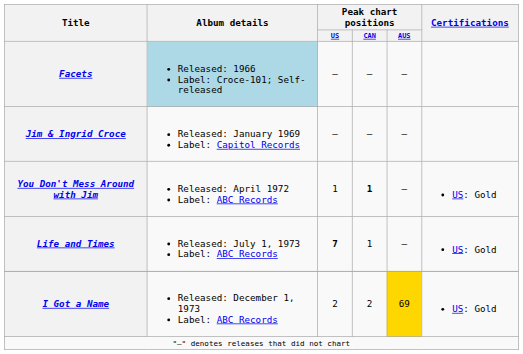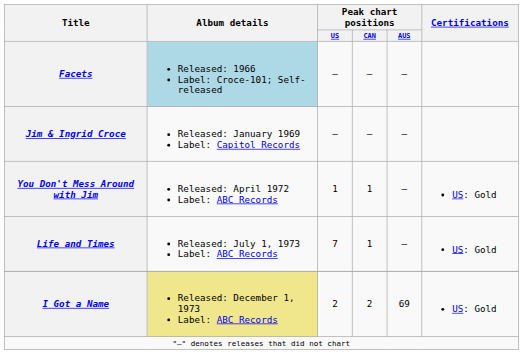 <table class="wikitable plainrowheaders" style="text-align:center;">
 <tr>
 <th scope="col" rowspan="2" style="width:15em;">Title</th>
 <th scope="col" rowspan="2" style="width:18em;">Album details</th>
 <th colspan="3" scope="col">Peak chart positions</th>
 <th scope="col" rowspan="2" style="width:10em;"><a href='#'>Certifications</a></th>
 </tr>
 <tr>
 <th scope="col" style="width:4.5em;font-size:75%;"><a href='#'>US</a><br></th>
 <th scope="col" style="width:4.5em;font-size:75%;"><a href='#'>CAN</a><br></th>
 <th scope="col" style="width:4.5em;font-size:75%;"><a href='#'>AUS</a><br></th>
 </tr>
 <tr>
 <th scope="row"><em><a href='#'>Facets</a></em></th>
 <td style="background: lightblue; text-align:left;"><br><ul><li>Released: 1966</li><li>Label: Croce-101; Self-released</li></ul></td>
 <td>—</td>
 <td>—</td>
 <td>—</td>
 <td style="text-align:left;"></td>
 </tr>
 <tr>
 <th scope="row"><em><a href='#'>Jim & Ingrid Croce</a></em></th>
 <td style="text-align:left;"><br><ul><li>Released: January 1969</li><li>Label: <a href='#'>Capitol Records</a></li></ul></td>
 <td>—</td>
 <td>—</td>
 <td>—</td>
 <td style="text-align:left;"></td>
 </tr>
 <tr>
 <th scope="row"><em><a href='#'>You Don't Mess Around with Jim</a></em></th>
 <td style="text-align:left;"><br><ul><li>Released: April 1972</li><li>Label: <a href='#'>ABC Records</a></li></ul></td>
 <td>1</td>
-<td><strong>1</strong></td>
+<td>1</td>
 <td>—</td>
 <td style="text-align:left;"><br><ul><li><a href='#'>US</a>: Gold</li></ul></td>
 </tr>
 <tr>
 <th scope="row"><em><a href='#'>Life and Times</a></em></th>
 <td style="text-align:left;"><br><ul><li>Released: July 1, 1973</li><li>Label: <a href='#'>ABC Records</a></li></ul></td>
-<td><strong>7</strong></td>
+<td>7</td>
 <td>1</td>
 <td>—</td>
 <td style="text-align:left;"><br><ul><li><a href='#'>US</a>: Gold</li></ul></td>
 </tr>
 <tr>
 </tr>
 <tr>
 <th scope="row"><em><a href='#'>I Got a Name</a></em></th>
-<td style="text-align:left;"><br><ul><li>Released: December 1, 1973</li><li>Label: <a href='#'>ABC Records</a></li></ul></td>
+<td style="background: khaki; text-align:left;"><br><ul><li>Released: December 1, 1973</li><li>Label: <a href='#'>ABC Records</a></li></ul></td>
 <td>2</td>
 <td>2</td>
-<td style="background: gold;">69</td>
+<td>69</td>
 <td style="text-align:left;"><br><ul><li><a href='#'>US</a>: Gold</li></ul></td>
 </tr>
 <tr>
 <td colspan="9" style="font-size:8pt">"—" denotes releases that did not chart</td>
 </tr>
 </table>
